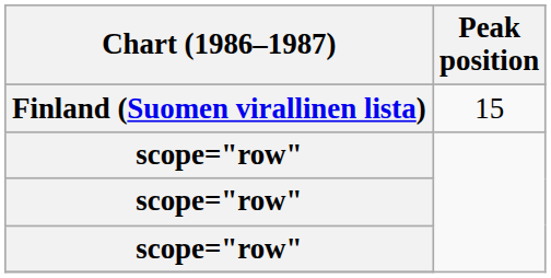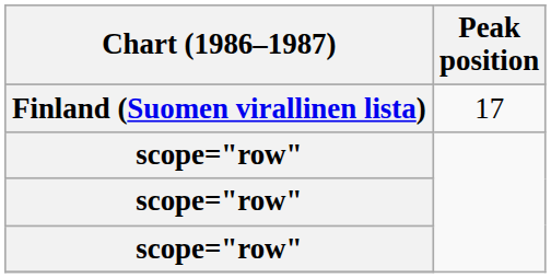 <table class="wikitable sortable plainrowheaders">
 <tr>
 <th>Chart (1986–1987)</th>
 <th>Peak<br>position</th>
 </tr>
 <tr>
 <th scope="row">Finland (<a href='#'>Suomen virallinen lista</a>)</th>
-<td align="center">15</td>
+<td align="center">17</td>
 </tr>
 <tr>
 <th>scope="row"</th>
 </tr>
 <tr>
 <th>scope="row"</th>
 </tr>
 <tr>
 <th>scope="row"</th>
 </tr>
 <tr>
 </tr>
 </table>
